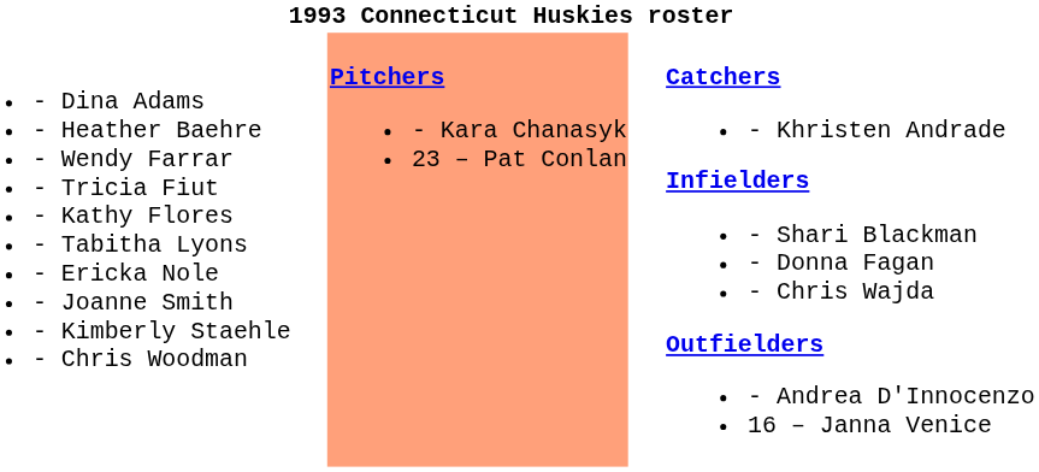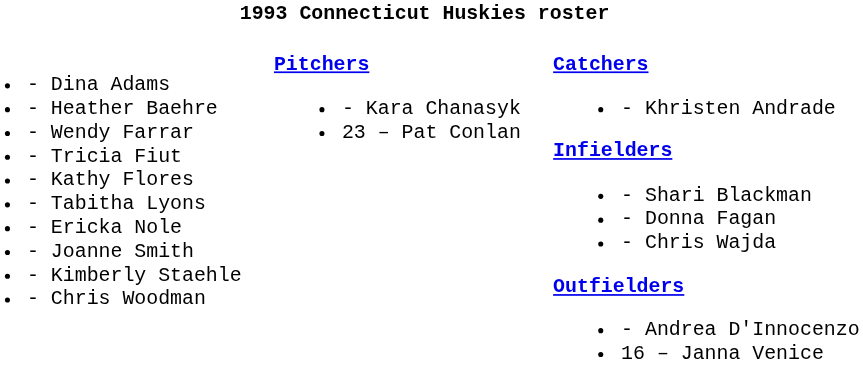 <table class="toccolours" style="border-collapse:collapse; font-size:90%;">
 <tr>
 <td colspan="9" style="text-align:center;"><strong>1993 Connecticut Huskies roster</strong></td>
 </tr>
 <tr>
 </tr>
 <tr>
 <td width="03"> </td>
 <td valign="top"><br><ul><li>- Dina Adams</li><li>- Heather Baehre</li><li>- Wendy Farrar</li><li>- Tricia Fiut</li><li>- Kathy Flores</li><li>- Tabitha Lyons</li><li>- Ericka Nole</li><li>- Joanne Smith</li><li>- Kimberly Staehle</li><li>- Chris Woodman</li></ul></td>
 <td width="15"> </td>
-<td valign="top" style="background: lightsalmon;"><br><strong><a href='#'>Pitchers</a></strong><ul><li>- Kara Chanasyk</li><li>23 – Pat Conlan</li></ul></td>
+<td valign="top"><br><strong><a href='#'>Pitchers</a></strong><ul><li>- Kara Chanasyk</li><li>23 – Pat Conlan</li></ul></td>
 <td width="15"> </td>
 <td valign="top"><br><strong><a href='#'>Catchers</a></strong><ul><li>- Khristen Andrade</li></ul><strong><a href='#'>Infielders</a></strong><ul><li>- Shari Blackman</li><li>- Donna Fagan</li><li>- Chris Wajda</li></ul><strong><a href='#'>Outfielders</a></strong><ul><li>- Andrea D'Innocenzo</li><li>16 – Janna Venice</li></ul></td>
 <td width="25"> </td>
 </tr>
 </table>
